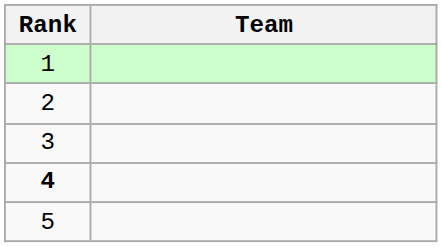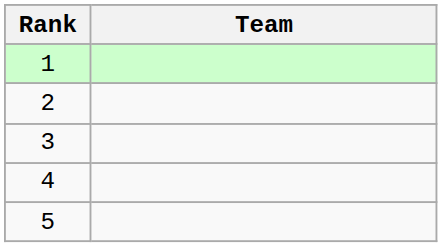 <table class="wikitable" style="text-align:center">
 <tr>
 <th width=40>Rank</th>
 <th width=180>Team</th>
 </tr>
 <tr bgcolor=#ccffcc>
 <td>1</td>
 <td style="text-align:left"></td>
 </tr>
 <tr>
 <td>2</td>
 <td style="text-align:left"></td>
 </tr>
 <tr>
 <td>3</td>
 <td style="text-align:left"></td>
 </tr>
 <tr>
-<td><strong>4</strong></td>
+<td>4</td>
 <td style="text-align:left"></td>
 </tr>
 <tr>
 <td>5</td>
 <td style="text-align:left"></td>
 </tr>
 </table>
